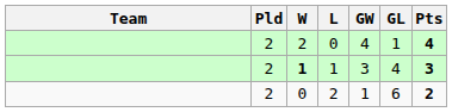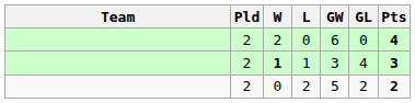 <table class="wikitable" style="text-align:center">
 <tr>
 <th width=200>Team</th>
 <th width=20>Pld</th>
 <th width=20>W</th>
 <th width=20>L</th>
 <th width=20>GW</th>
 <th width=20>GL</th>
 <th width=20>Pts</th>
 </tr>
 <tr bgcolor="ccffcc">
 <td style="text-align:left;"></td>
 <td>2</td>
 <td>2</td>
 <td>0</td>
-<td>4</td>
-<td>1</td>
+<td>6</td>
+<td>0</td>
 <td><strong>4</strong></td>
 </tr>
 <tr bgcolor="ccffcc">
 <td style="text-align:left;"></td>
 <td>2</td>
 <td><strong>1</strong></td>
 <td>1</td>
 <td>3</td>
 <td>4</td>
 <td><strong>3</strong></td>
 </tr>
 <tr>
 <td style="text-align:left;"></td>
 <td>2</td>
 <td>0</td>
 <td>2</td>
-<td>1</td>
-<td>6</td>
+<td>5</td>
+<td>2</td>
 <td><strong>2</strong></td>
 </tr>
 </table>
